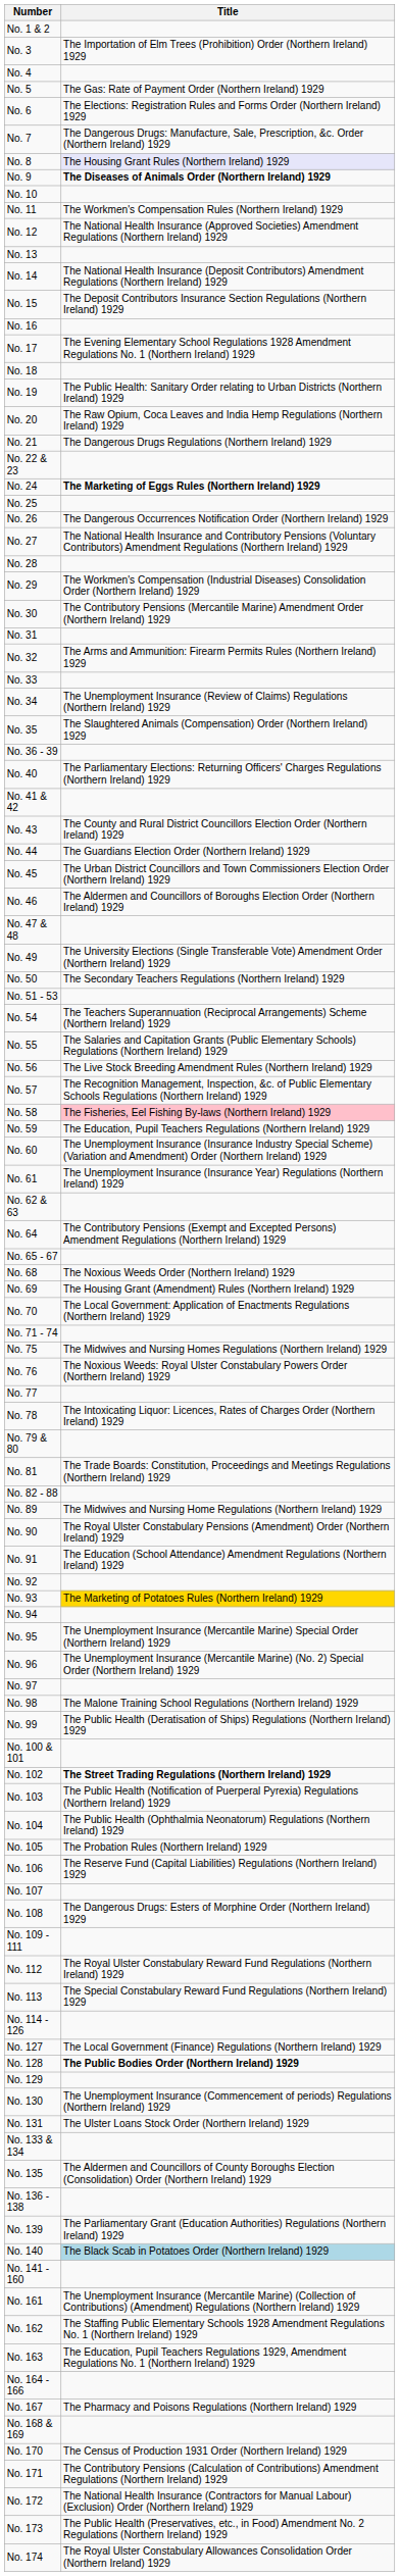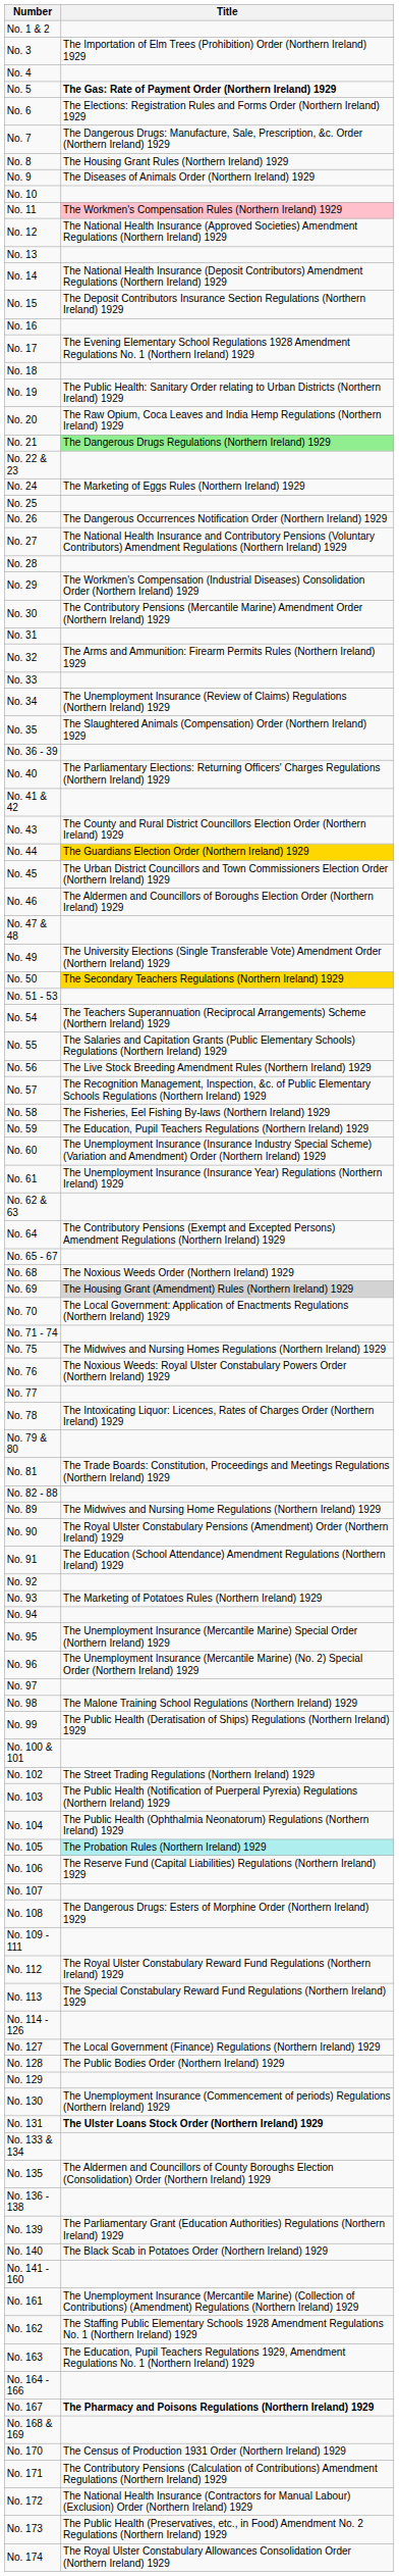 <table class="wikitable collapsible">
 <tr>
 <th>Number</th>
 <th>Title</th>
 </tr>
 <tr>
 <td>No. 1 & 2</td>
 <td></td>
 </tr>
 <tr>
 <td>No. 3</td>
 <td>The Importation of Elm Trees (Prohibition) Order (Northern Ireland) 1929</td>
 </tr>
 <tr>
 <td>No. 4</td>
 <td></td>
 </tr>
 <tr>
 <td>No. 5</td>
-<td>The Gas: Rate of Payment Order (Northern Ireland) 1929</td>
+<td><strong>The Gas: Rate of Payment Order (Northern Ireland) 1929</strong></td>
 </tr>
 <tr>
 <td>No. 6</td>
 <td>The Elections: Registration Rules and Forms Order (Northern Ireland) 1929</td>
 </tr>
 <tr>
 <td>No. 7</td>
 <td>The Dangerous Drugs: Manufacture, Sale, Prescription, &c. Order (Northern Ireland) 1929</td>
 </tr>
 <tr>
 <td>No. 8</td>
-<td style="background: lavender;">The Housing Grant Rules (Northern Ireland) 1929</td>
+<td>The Housing Grant Rules (Northern Ireland) 1929</td>
 </tr>
 <tr>
 <td>No. 9</td>
-<td><strong>The Diseases of Animals Order (Northern Ireland) 1929</strong></td>
+<td>The Diseases of Animals Order (Northern Ireland) 1929</td>
 </tr>
 <tr>
 <td>No. 10</td>
 <td></td>
 </tr>
 <tr>
 <td>No. 11</td>
-<td>The Workmen's Compensation Rules (Northern Ireland) 1929</td>
+<td style="background: pink;">The Workmen's Compensation Rules (Northern Ireland) 1929</td>
 </tr>
 <tr>
 <td>No. 12</td>
 <td>The National Health Insurance (Approved Societies) Amendment Regulations (Northern Ireland) 1929</td>
 </tr>
 <tr>
 <td>No. 13</td>
 <td></td>
 </tr>
 <tr>
 <td>No. 14</td>
 <td>The National Health Insurance (Deposit Contributors) Amendment Regulations (Northern Ireland) 1929</td>
 </tr>
 <tr>
 <td>No. 15</td>
 <td>The Deposit Contributors Insurance Section Regulations (Northern Ireland) 1929</td>
 </tr>
 <tr>
 <td>No. 16</td>
 <td></td>
 </tr>
 <tr>
 <td>No. 17</td>
 <td>The Evening Elementary School Regulations 1928 Amendment Regulations No. 1 (Northern Ireland) 1929</td>
 </tr>
 <tr>
 <td>No. 18</td>
 <td></td>
 </tr>
 <tr>
 <td>No. 19</td>
 <td>The Public Health: Sanitary Order relating to Urban Districts (Northern Ireland) 1929</td>
 </tr>
 <tr>
 <td>No. 20</td>
 <td>The Raw Opium, Coca Leaves and India Hemp Regulations (Northern Ireland) 1929</td>
 </tr>
 <tr>
 <td>No. 21</td>
-<td>The Dangerous Drugs Regulations (Northern Ireland) 1929</td>
+<td style="background: lightgreen;">The Dangerous Drugs Regulations (Northern Ireland) 1929</td>
 </tr>
 <tr>
 <td>No. 22 & 23</td>
 <td></td>
 </tr>
 <tr>
 <td>No. 24</td>
-<td><strong>The Marketing of Eggs Rules (Northern Ireland) 1929</strong></td>
+<td>The Marketing of Eggs Rules (Northern Ireland) 1929</td>
 </tr>
 <tr>
 <td>No. 25</td>
 <td></td>
 </tr>
 <tr>
 <td>No. 26</td>
 <td>The Dangerous Occurrences Notification Order (Northern Ireland) 1929</td>
 </tr>
 <tr>
 <td>No. 27</td>
 <td>The National Health Insurance and Contributory Pensions (Voluntary Contributors) Amendment Regulations (Northern Ireland) 1929</td>
 </tr>
 <tr>
 <td>No. 28</td>
 <td></td>
 </tr>
 <tr>
 <td>No. 29</td>
 <td>The Workmen's Compensation (Industrial Diseases) Consolidation Order (Northern Ireland) 1929</td>
 </tr>
 <tr>
 <td>No. 30</td>
 <td>The Contributory Pensions (Mercantile Marine) Amendment Order (Northern Ireland) 1929</td>
 </tr>
 <tr>
 <td>No. 31</td>
 <td></td>
 </tr>
 <tr>
 <td>No. 32</td>
 <td>The Arms and Ammunition: Firearm Permits Rules (Northern Ireland) 1929</td>
 </tr>
 <tr>
 <td>No. 33</td>
 <td></td>
 </tr>
 <tr>
 <td>No. 34</td>
 <td>The Unemployment Insurance (Review of Claims) Regulations (Northern Ireland) 1929</td>
 </tr>
 <tr>
 <td>No. 35</td>
 <td>The Slaughtered Animals (Compensation) Order (Northern Ireland) 1929</td>
 </tr>
 <tr>
 <td>No. 36 - 39</td>
 <td></td>
 </tr>
 <tr>
 <td>No. 40</td>
 <td>The Parliamentary Elections: Returning Officers' Charges Regulations (Northern Ireland) 1929</td>
 </tr>
 <tr>
 <td>No. 41 & 42</td>
 <td></td>
 </tr>
 <tr>
 <td>No. 43</td>
 <td>The County and Rural District Councillors Election Order (Northern Ireland) 1929</td>
 </tr>
 <tr>
 <td>No. 44</td>
-<td>The Guardians Election Order (Northern Ireland) 1929</td>
+<td style="background: gold;">The Guardians Election Order (Northern Ireland) 1929</td>
 </tr>
 <tr>
 <td>No. 45</td>
 <td>The Urban District Councillors and Town Commissioners Election Order (Northern Ireland) 1929</td>
 </tr>
 <tr>
 <td>No. 46</td>
 <td>The Aldermen and Councillors of Boroughs Election Order (Northern Ireland) 1929</td>
 </tr>
 <tr>
 <td>No. 47 & 48</td>
 <td></td>
 </tr>
 <tr>
 <td>No. 49</td>
 <td>The University Elections (Single Transferable Vote) Amendment Order (Northern Ireland) 1929</td>
 </tr>
 <tr>
 <td>No. 50</td>
-<td>The Secondary Teachers Regulations (Northern Ireland) 1929</td>
+<td style="background: gold;">The Secondary Teachers Regulations (Northern Ireland) 1929</td>
 </tr>
 <tr>
 <td>No. 51 - 53</td>
 <td></td>
 </tr>
 <tr>
 <td>No. 54</td>
 <td>The Teachers Superannuation (Reciprocal Arrangements) Scheme (Northern Ireland) 1929</td>
 </tr>
 <tr>
 <td>No. 55</td>
 <td>The Salaries and Capitation Grants (Public Elementary Schools) Regulations (Northern Ireland) 1929</td>
 </tr>
 <tr>
 <td>No. 56</td>
 <td>The Live Stock Breeding Amendment Rules (Northern Ireland) 1929</td>
 </tr>
 <tr>
 <td>No. 57</td>
 <td>The Recognition Management, Inspection, &c. of Public Elementary Schools Regulations (Northern Ireland) 1929</td>
 </tr>
 <tr>
 <td>No. 58</td>
-<td style="background: pink;">The Fisheries, Eel Fishing By-laws (Northern Ireland) 1929</td>
+<td>The Fisheries, Eel Fishing By-laws (Northern Ireland) 1929</td>
 </tr>
 <tr>
 <td>No. 59</td>
 <td>The Education, Pupil Teachers Regulations (Northern Ireland) 1929</td>
 </tr>
 <tr>
 <td>No. 60</td>
 <td>The Unemployment Insurance (Insurance Industry Special Scheme) (Variation and Amendment) Order (Northern Ireland) 1929</td>
 </tr>
 <tr>
 <td>No. 61</td>
 <td>The Unemployment Insurance (Insurance Year) Regulations (Northern Ireland) 1929</td>
 </tr>
 <tr>
 <td>No. 62 & 63</td>
 <td></td>
 </tr>
 <tr>
 <td>No. 64</td>
 <td>The Contributory Pensions (Exempt and Excepted Persons) Amendment Regulations (Northern Ireland) 1929</td>
 </tr>
 <tr>
 <td>No. 65 - 67</td>
 <td></td>
 </tr>
 <tr>
 <td>No. 68</td>
 <td>The Noxious Weeds Order (Northern Ireland) 1929</td>
 </tr>
 <tr>
 <td>No. 69</td>
-<td>The Housing Grant (Amendment) Rules (Northern Ireland) 1929</td>
+<td style="background: lightgrey;">The Housing Grant (Amendment) Rules (Northern Ireland) 1929</td>
 </tr>
 <tr>
 <td>No. 70</td>
 <td>The Local Government: Application of Enactments Regulations (Northern Ireland) 1929</td>
 </tr>
 <tr>
 <td>No. 71 - 74</td>
 <td></td>
 </tr>
 <tr>
 <td>No. 75</td>
 <td>The Midwives and Nursing Homes Regulations (Northern Ireland) 1929</td>
 </tr>
 <tr>
 <td>No. 76</td>
 <td>The Noxious Weeds: Royal Ulster Constabulary Powers Order (Northern Ireland) 1929</td>
 </tr>
 <tr>
 <td>No. 77</td>
 <td></td>
 </tr>
 <tr>
 <td>No. 78</td>
 <td>The Intoxicating Liquor: Licences, Rates of Charges Order (Northern Ireland) 1929</td>
 </tr>
 <tr>
 <td>No. 79 & 80</td>
 <td></td>
 </tr>
 <tr>
 <td>No. 81</td>
 <td>The Trade Boards: Constitution, Proceedings and Meetings Regulations (Northern Ireland) 1929</td>
 </tr>
 <tr>
 <td>No. 82 - 88</td>
 <td></td>
 </tr>
 <tr>
 <td>No. 89</td>
 <td>The Midwives and Nursing Home Regulations (Northern Ireland) 1929</td>
 </tr>
 <tr>
 <td>No. 90</td>
 <td>The Royal Ulster Constabulary Pensions (Amendment) Order (Northern Ireland) 1929</td>
 </tr>
 <tr>
 <td>No. 91</td>
 <td>The Education (School Attendance) Amendment Regulations (Northern Ireland) 1929</td>
 </tr>
 <tr>
 <td>No. 92</td>
 <td></td>
 </tr>
 <tr>
 <td>No. 93</td>
-<td style="background: gold;">The Marketing of Potatoes Rules (Northern Ireland) 1929</td>
+<td>The Marketing of Potatoes Rules (Northern Ireland) 1929</td>
 </tr>
 <tr>
 <td>No. 94</td>
 <td></td>
 </tr>
 <tr>
 <td>No. 95</td>
 <td>The Unemployment Insurance (Mercantile Marine) Special Order (Northern Ireland) 1929</td>
 </tr>
 <tr>
 <td>No. 96</td>
 <td>The Unemployment Insurance (Mercantile Marine) (No. 2) Special Order (Northern Ireland) 1929</td>
 </tr>
 <tr>
 <td>No. 97</td>
 <td></td>
 </tr>
 <tr>
 <td>No. 98</td>
 <td>The Malone Training School Regulations (Northern Ireland) 1929</td>
 </tr>
 <tr>
 <td>No. 99</td>
 <td>The Public Health (Deratisation of Ships) Regulations (Northern Ireland) 1929</td>
 </tr>
 <tr>
 <td>No. 100 & 101</td>
 <td></td>
 </tr>
 <tr>
 <td>No. 102</td>
-<td><strong>The Street Trading Regulations (Northern Ireland) 1929</strong></td>
+<td>The Street Trading Regulations (Northern Ireland) 1929</td>
 </tr>
 <tr>
 <td>No. 103</td>
 <td>The Public Health (Notification of Puerperal Pyrexia) Regulations (Northern Ireland) 1929</td>
 </tr>
 <tr>
 <td>No. 104</td>
 <td>The Public Health (Ophthalmia Neonatorum) Regulations (Northern Ireland) 1929</td>
 </tr>
 <tr>
 <td>No. 105</td>
-<td>The Probation Rules (Northern Ireland) 1929</td>
+<td style="background: paleturquoise;">The Probation Rules (Northern Ireland) 1929</td>
 </tr>
 <tr>
 <td>No. 106</td>
 <td>The Reserve Fund (Capital Liabilities) Regulations (Northern Ireland) 1929</td>
 </tr>
 <tr>
 <td>No. 107</td>
 <td></td>
 </tr>
 <tr>
 <td>No. 108</td>
 <td>The Dangerous Drugs: Esters of Morphine Order (Northern Ireland) 1929</td>
 </tr>
 <tr>
 <td>No. 109 - 111</td>
 <td></td>
 </tr>
 <tr>
 <td>No. 112</td>
 <td>The Royal Ulster Constabulary Reward Fund Regulations (Northern Ireland) 1929</td>
 </tr>
 <tr>
 <td>No. 113</td>
 <td>The Special Constabulary Reward Fund Regulations (Northern Ireland) 1929</td>
 </tr>
 <tr>
 <td>No. 114 - 126</td>
 <td></td>
 </tr>
 <tr>
 <td>No. 127</td>
 <td>The Local Government (Finance) Regulations (Northern Ireland) 1929</td>
 </tr>
 <tr>
 <td>No. 128</td>
-<td><strong>The Public Bodies Order (Northern Ireland) 1929</strong></td>
+<td>The Public Bodies Order (Northern Ireland) 1929</td>
 </tr>
 <tr>
 <td>No. 129</td>
 <td></td>
 </tr>
 <tr>
 <td>No. 130</td>
 <td>The Unemployment Insurance (Commencement of periods) Regulations (Northern Ireland) 1929</td>
 </tr>
 <tr>
 <td>No. 131</td>
-<td>The Ulster Loans Stock Order (Northern Ireland) 1929</td>
+<td><strong>The Ulster Loans Stock Order (Northern Ireland) 1929</strong></td>
 </tr>
 <tr>
 <td>No. 133 & 134</td>
 <td></td>
 </tr>
 <tr>
 <td>No. 135</td>
 <td>The Aldermen and Councillors of County Boroughs Election (Consolidation) Order (Northern Ireland) 1929</td>
 </tr>
 <tr>
 <td>No. 136 - 138</td>
 <td></td>
 </tr>
 <tr>
 <td>No. 139</td>
 <td>The Parliamentary Grant (Education Authorities) Regulations (Northern Ireland) 1929</td>
 </tr>
 <tr>
 <td>No. 140</td>
-<td style="background: lightblue;">The Black Scab in Potatoes Order (Northern Ireland) 1929</td>
+<td>The Black Scab in Potatoes Order (Northern Ireland) 1929</td>
 </tr>
 <tr>
 <td>No. 141 - 160</td>
 <td></td>
 </tr>
 <tr>
 <td>No. 161</td>
 <td>The Unemployment Insurance (Mercantile Marine) (Collection of Contributions) (Amendment) Regulations (Northern Ireland) 1929</td>
 </tr>
 <tr>
 <td>No. 162</td>
 <td>The Staffing Public Elementary Schools 1928 Amendment Regulations No. 1 (Northern Ireland) 1929</td>
 </tr>
 <tr>
 <td>No. 163</td>
 <td>The Education, Pupil Teachers Regulations 1929, Amendment Regulations No. 1 (Northern Ireland) 1929</td>
 </tr>
 <tr>
 <td>No. 164 - 166</td>
 <td></td>
 </tr>
 <tr>
 <td>No. 167</td>
-<td>The Pharmacy and Poisons Regulations (Northern Ireland) 1929</td>
+<td><strong>The Pharmacy and Poisons Regulations (Northern Ireland) 1929</strong></td>
 </tr>
 <tr>
 <td>No. 168 & 169</td>
 <td></td>
 </tr>
 <tr>
 <td>No. 170</td>
 <td>The Census of Production 1931 Order (Northern Ireland) 1929</td>
 </tr>
 <tr>
 <td>No. 171</td>
 <td>The Contributory Pensions (Calculation of Contributions) Amendment Regulations (Northern Ireland) 1929</td>
 </tr>
 <tr>
 <td>No. 172</td>
 <td>The National Health Insurance (Contractors for Manual Labour) (Exclusion) Order (Northern Ireland) 1929</td>
 </tr>
 <tr>
 <td>No. 173</td>
 <td>The Public Health (Preservatives, etc., in Food) Amendment No. 2 Regulations (Northern Ireland) 1929</td>
 </tr>
 <tr>
 <td>No. 174</td>
 <td>The Royal Ulster Constabulary Allowances Consolidation Order (Northern Ireland) 1929</td>
 </tr>
 </table>
